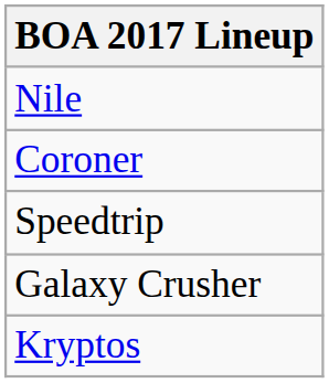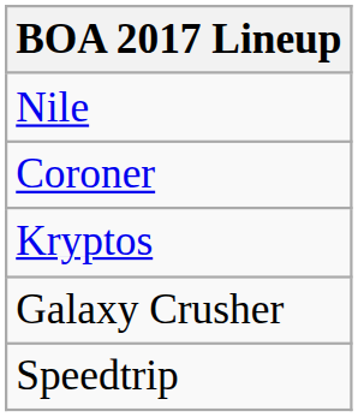 <table class="wikitable">
 <tr>
 <th>BOA 2017 Lineup</th>
 </tr>
 <tr>
 <td><a href='#'>Nile</a></td>
 </tr>
 <tr>
 <td><a href='#'>Coroner</a></td>
 </tr>
 <tr>
-<td>Speedtrip</td>
+<td><a href='#'>Kryptos</a></td>
 </tr>
 <tr>
 <td>Galaxy Crusher</td>
 </tr>
 <tr>
-<td><a href='#'>Kryptos</a></td>
+<td>Speedtrip</td>
 </tr>
 </table>
